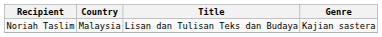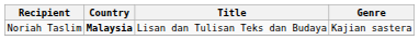 <table class="wikitable" style="text-align:left">
 <tr>
 <th>Recipient</th>
 <th>Country</th>
 <th>Title</th>
 <th>Genre</th>
 </tr>
 <tr>
 <td>Noriah Taslim</td>
-<td>Malaysia</td>
+<td><strong>Malaysia</strong></td>
 <td>Lisan dan Tulisan Teks dan Budaya</td>
 <td>Kajian sastera</td>
 </tr>
 <tr>
 </tr>
 </table>
